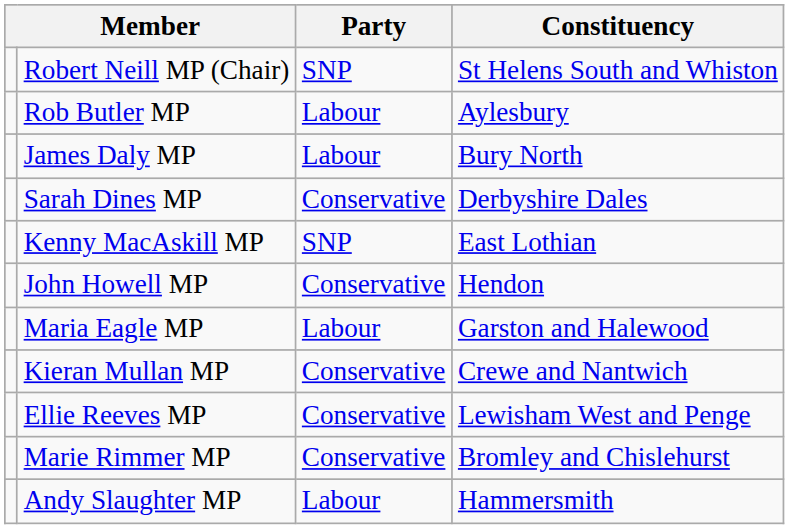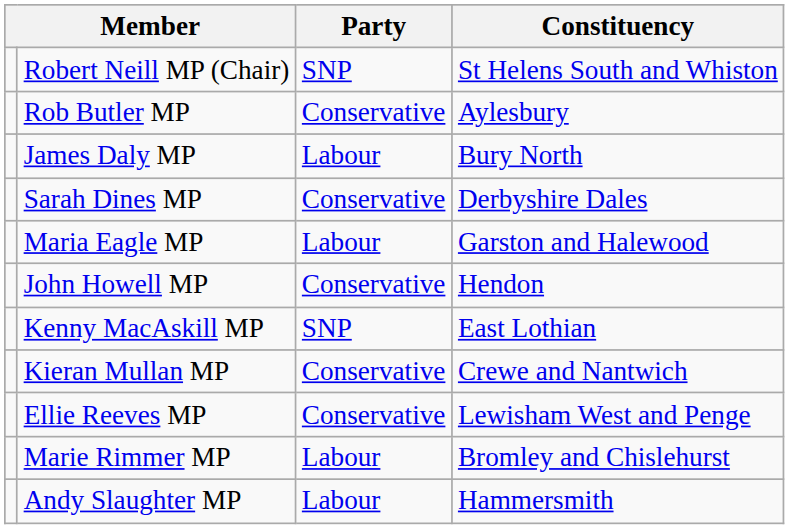 <table class="wikitable">
 <tr>
 <th colspan="2" valign="top">Member</th>
 <th valign="top">Party</th>
 <th valign="top">Constituency</th>
 </tr>
 <tr>
 <td style="color:inherit;background:"></td>
 <td><a href='#'>Robert Neill</a> MP (Chair)</td>
 <td><a href='#'>SNP</a></td>
 <td><a href='#'>St Helens South and Whiston</a></td>
 </tr>
 <tr>
 <td style="color:inherit;background:"></td>
 <td><a href='#'>Rob Butler</a> MP</td>
-<td><a href='#'>Labour</a></td>
+<td><a href='#'>Conservative</a></td>
 <td><a href='#'>Aylesbury</a></td>
 </tr>
 <tr>
 <td style="color:inherit;background:"></td>
 <td><a href='#'>James Daly</a> MP</td>
 <td><a href='#'>Labour</a></td>
 <td><a href='#'>Bury North</a></td>
 </tr>
 <tr>
 <td style="color:inherit;background:"></td>
 <td><a href='#'>Sarah Dines</a> MP</td>
 <td><a href='#'>Conservative</a></td>
 <td><a href='#'>Derbyshire Dales</a></td>
 </tr>
 <tr>
 <td style="color:inherit;background:"></td>
-<td><a href='#'>Kenny MacAskill</a> MP</td>
-<td><a href='#'>SNP</a></td>
-<td><a href='#'>East Lothian</a></td>
+<td><a href='#'>Maria Eagle</a> MP</td>
+<td><a href='#'>Labour</a></td>
+<td><a href='#'>Garston and Halewood</a></td>
 </tr>
 <tr>
 <td style="color:inherit;background:"></td>
 <td><a href='#'>John Howell</a> MP</td>
 <td><a href='#'>Conservative</a></td>
 <td><a href='#'>Hendon</a></td>
 </tr>
 <tr>
 <td style="color:inherit;background:"></td>
-<td><a href='#'>Maria Eagle</a> MP</td>
-<td><a href='#'>Labour</a></td>
-<td><a href='#'>Garston and Halewood</a></td>
+<td><a href='#'>Kenny MacAskill</a> MP</td>
+<td><a href='#'>SNP</a></td>
+<td><a href='#'>East Lothian</a></td>
 </tr>
 <tr>
 <td style="color:inherit;background:"></td>
 <td><a href='#'>Kieran Mullan</a> MP</td>
 <td><a href='#'>Conservative</a></td>
 <td><a href='#'>Crewe and Nantwich</a></td>
 </tr>
 <tr>
 <td style="color:inherit;background:"></td>
 <td><a href='#'>Ellie Reeves</a> MP</td>
 <td><a href='#'>Conservative</a></td>
 <td><a href='#'>Lewisham West and Penge</a></td>
 </tr>
 <tr>
 <td style="color:inherit;background:"></td>
 <td><a href='#'>Marie Rimmer</a> MP</td>
-<td><a href='#'>Conservative</a></td>
+<td><a href='#'>Labour</a></td>
 <td><a href='#'>Bromley and Chislehurst</a></td>
 </tr>
 <tr>
 <td style="color:inherit;background:"></td>
 <td><a href='#'>Andy Slaughter</a> MP</td>
 <td><a href='#'>Labour</a></td>
 <td><a href='#'>Hammersmith</a></td>
 </tr>
 </table>
